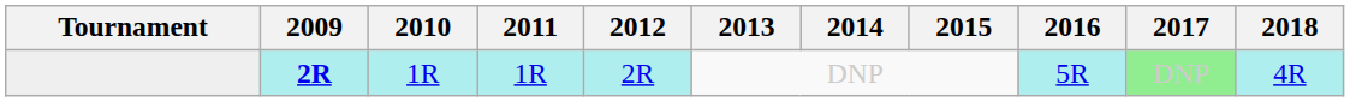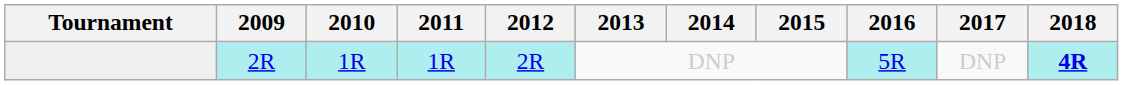 <table class="wikitable" style="width:60%; margin:0">
 <tr>
 <th>Tournament</th>
 <th>2009</th>
 <th>2010</th>
 <th>2011</th>
 <th>2012</th>
 <th>2013</th>
 <th>2014</th>
 <th>2015</th>
 <th>2016</th>
 <th>2017</th>
 <th>2018</th>
 </tr>
 <tr>
 <td style="background:#efefef;"></td>
-<td style="text-align:center; background:#afeeee;"><strong><a href='#'>2R</a></strong></td>
+<td style="text-align:center; background:#afeeee;"><a href='#'>2R</a></td>
 <td style="text-align:center; background:#afeeee;"><a href='#'>1R</a></td>
 <td style="text-align:center; background:#afeeee;"><a href='#'>1R</a></td>
 <td style="text-align:center; background:#afeeee;"><a href='#'>2R</a></td>
 <td colspan="3" style="text-align:center; color:#ccc;">DNP</td>
 <td style="text-align:center; background:#afeeee;"><a href='#'>5R</a></td>
-<td style="background: lightgreen; text-align:center; color:#ccc;">DNP</td>
-<td style="text-align:center; background:#afeeee;"><a href='#'>4R</a></td>
+<td style="text-align:center; color:#ccc;">DNP</td>
+<td style="text-align:center; background:#afeeee;"><strong><a href='#'>4R</a></strong></td>
 </tr>
 </table>
